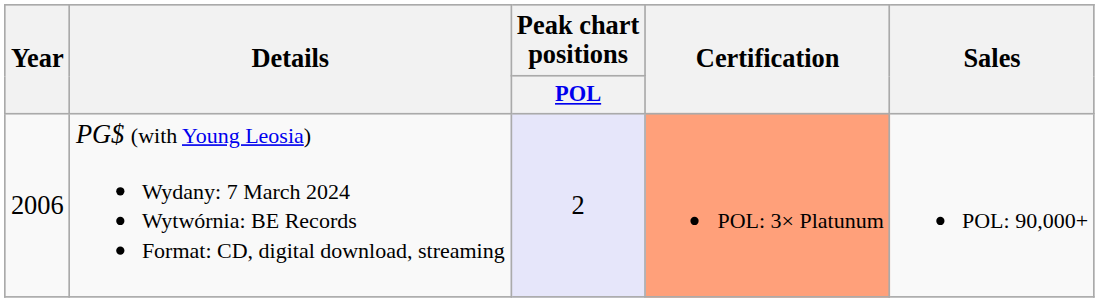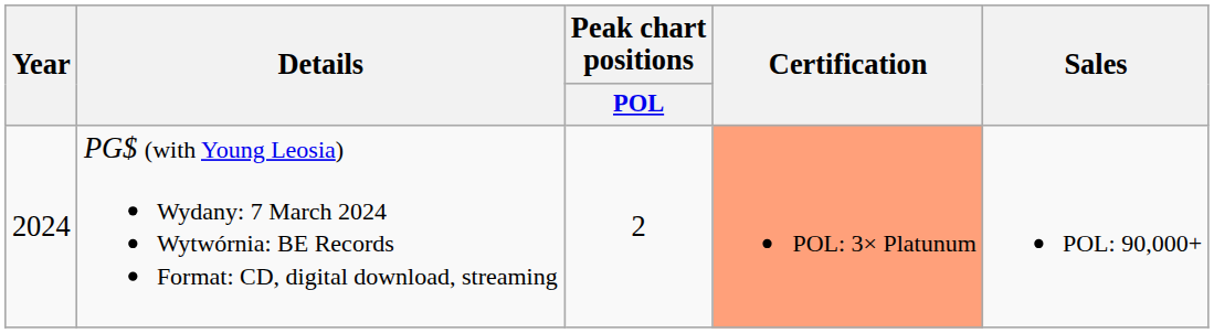 <table class="wikitable" style="text-align:center;">
 <tr>
 <th rowspan="2">Year</th>
 <th rowspan="2">Details</th>
 <th>Peak chart<br>positions</th>
 <th rowspan="2">Certification</th>
 <th rowspan="2">Sales</th>
 </tr>
 <tr>
 <th style="font-size:85%;"><a href='#'>POL</a><br></th>
 </tr>
 <tr>
-<td>2006</td>
+<td>2024</td>
 <td align="left"><em>PG$</em> <small>(with <a href='#'>Young Leosia</a>)</small><br><ul><li><small>Wydany: 7 March 2024</small></li><li><small>Wytwórnia: BE Records</small></li><li><small>Format: CD, digital download, streaming</small></li></ul></td>
-<td style="background: lavender;">2</td>
+<td>2</td>
 <td align="left" style="background: lightsalmon;"><br><ul><li><small>POL: 3× Platunum</small></li></ul></td>
 <td align="left"><br><ul><li><small>POL: 90,000+</small></li></ul></td>
 </tr>
 </table>
